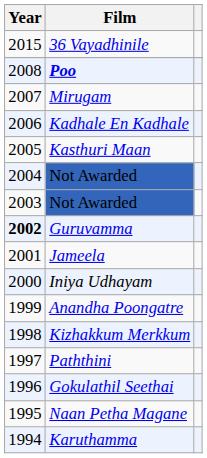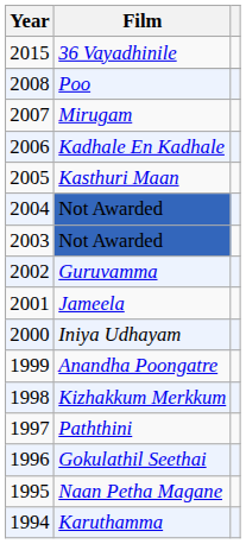 <table class="wikitable">
 <tr>
 <th>Year</th>
 <th>Film</th>
 <th></th>
 </tr>
 <tr>
 <td>2015</td>
 <td><em><a href='#'>36 Vayadhinile</a></em></td>
 <td></td>
 </tr>
 <tr>
 </tr>
 <tr bgcolor=#edf3fe>
 <td>2008</td>
-<td><strong><em><a href='#'>Poo</a></em></strong></td>
+<td><em><a href='#'>Poo</a></em></td>
 <td></td>
 </tr>
 <tr>
 <td>2007</td>
 <td><em><a href='#'>Mirugam</a></em></td>
 <td></td>
 </tr>
 <tr bgcolor=#edf3fe>
 <td>2006</td>
 <td><em><a href='#'>Kadhale En Kadhale</a></em></td>
 <td></td>
 </tr>
 <tr>
 <td>2005</td>
 <td><em><a href='#'>Kasthuri Maan</a></em></td>
 <td></td>
 </tr>
 <tr bgcolor=#edf3fe>
 <td>2004</td>
 <td style="background:#36b; " colspan="1">Not Awarded</td>
 <td></td>
 </tr>
 <tr>
 <td>2003</td>
 <td style="background:#36b; " colspan="1">Not Awarded</td>
 <td></td>
 </tr>
 <tr bgcolor=#edf3fe>
-<td><strong>2002</strong></td>
+<td>2002</td>
 <td><em><a href='#'>Guruvamma</a></em></td>
 <td></td>
 </tr>
 <tr>
 <td>2001</td>
 <td><em><a href='#'>Jameela</a></em></td>
 <td></td>
 </tr>
 <tr bgcolor=#edf3fe>
 <td>2000</td>
 <td><em>Iniya Udhayam</em></td>
 <td></td>
 </tr>
 <tr>
 <td>1999</td>
 <td><em><a href='#'>Anandha Poongatre</a></em></td>
 <td></td>
 </tr>
 <tr bgcolor=#edf3fe>
 <td>1998</td>
 <td><em><a href='#'>Kizhakkum Merkkum</a></em></td>
 <td></td>
 </tr>
 <tr>
 <td>1997</td>
 <td><em><a href='#'>Paththini</a></em></td>
 <td></td>
 </tr>
 <tr bgcolor=#edf3fe>
 <td>1996</td>
 <td><em><a href='#'>Gokulathil Seethai</a></em></td>
 <td></td>
 </tr>
 <tr>
 <td>1995</td>
 <td><em><a href='#'>Naan Petha Magane</a></em></td>
 <td></td>
 </tr>
 <tr bgcolor=#edf3fe>
 <td>1994</td>
 <td><em><a href='#'>Karuthamma</a></em></td>
 <td></td>
 </tr>
 </table>
